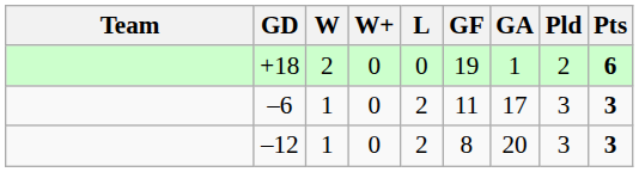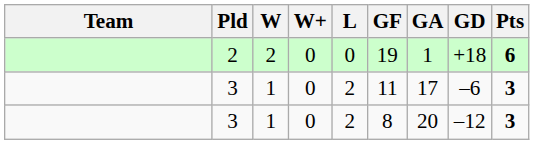 <table class="wikitable" style="text-align:center;">
 <tr>
 <th width=150>Team</th>
-<th width=20>GD</th>
+<th width=20>Pld</th>
 <th width=20>W</th>
 <th width=20>W+</th>
 <th width=20>L</th>
 <th width=20>GF</th>
 <th width=20>GA</th>
-<th width=20>Pld</th>
+<th width=20>GD</th>
 <th width=20>Pts</th>
 </tr>
 <tr align=center style="background:#ccffcc;">
 <td align="left"></td>
-<td>+18</td>
+<td>2</td>
 <td>2</td>
 <td>0</td>
 <td>0</td>
 <td>19</td>
 <td>1</td>
-<td>2</td>
+<td>+18</td>
 <td><strong>6</strong></td>
 </tr>
 <tr align=center>
 <td align="left"></td>
-<td>–6</td>
+<td>3</td>
 <td>1</td>
 <td>0</td>
 <td>2</td>
 <td>11</td>
 <td>17</td>
-<td>3</td>
+<td>–6</td>
 <td><strong>3</strong></td>
 </tr>
 <tr align=center>
 <td align="left"></td>
-<td>–12</td>
+<td>3</td>
 <td>1</td>
 <td>0</td>
 <td>2</td>
 <td>8</td>
 <td>20</td>
-<td>3</td>
+<td>–12</td>
 <td><strong>3</strong></td>
 </tr>
 </table>
